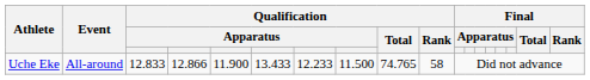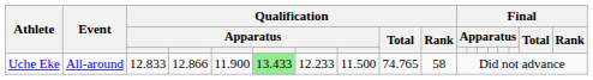 <table class="wikitable" style="font-size:90%">
 <tr>
 <th rowspan=3>Athlete</th>
 <th rowspan=3>Event</th>
 <th colspan =8>Qualification</th>
 <th colspan =8>Final</th>
 </tr>
 <tr style="font-size:95%">
 <th colspan=6>Apparatus</th>
 <th rowspan=2>Total</th>
 <th rowspan=2>Rank</th>
 <th colspan=6>Apparatus</th>
 <th rowspan=2>Total</th>
 <th rowspan=2>Rank</th>
 </tr>
 <tr style="font-size:95%">
 <th></th>
 <th></th>
 <th></th>
 <th></th>
 <th></th>
 <th></th>
 <th></th>
 <th></th>
 <th></th>
 <th></th>
 <th></th>
 <th></th>
 </tr>
 <tr align=center>
 <td align=left><a href='#'>Uche Eke</a></td>
 <td align=left><a href='#'>All-around</a></td>
 <td>12.833</td>
 <td>12.866</td>
 <td>11.900</td>
-<td>13.433</td>
+<td style="background: lightgreen;">13.433</td>
 <td>12.233</td>
 <td>11.500</td>
 <td>74.765</td>
 <td>58</td>
 <td colspan=8>Did not advance</td>
 </tr>
 </table>
